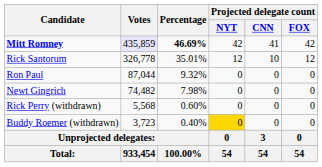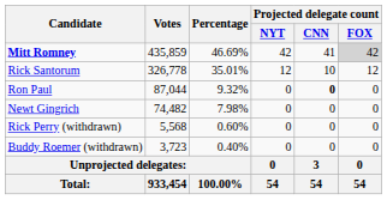 <table class="wikitable" style="text-align:right;">
 <tr>
 <th rowspan="2">Candidate</th>
 <th rowspan="2">Votes</th>
 <th rowspan="2">Percentage</th>
 <th colspan="3">Projected delegate count</th>
 </tr>
 <tr>
 <th><a href='#'>NYT</a><br></th>
 <th><a href='#'>CNN</a><br></th>
 <th><a href='#'>FOX</a></th>
 </tr>
 <tr>
 <td style="text-align:left;"> <strong><a href='#'>Mitt Romney</a></strong></td>
-<td style="background: lavender;">435,859</td>
-<td><strong>46.69%</strong></td>
+<td>435,859</td>
+<td>46.69%</td>
 <td>42</td>
 <td>41</td>
-<td>42</td>
+<td style="background: lightgrey;">42</td>
 </tr>
 <tr>
 <td style="text-align:left;"><a href='#'>Rick Santorum</a></td>
 <td>326,778</td>
 <td>35.01%</td>
 <td>12</td>
 <td>10</td>
 <td>12</td>
 </tr>
 <tr>
 <td style="text-align:left;"><a href='#'>Ron Paul</a></td>
 <td>87,044</td>
 <td>9.32%</td>
 <td>0</td>
-<td>0</td>
+<td><strong>0</strong></td>
 <td>0</td>
 </tr>
 <tr>
 <td style="text-align:left;"><a href='#'>Newt Gingrich</a></td>
 <td>74,482</td>
 <td>7.98%</td>
 <td>0</td>
 <td>0</td>
 <td>0</td>
 </tr>
 <tr>
 <td style="text-align:left;"><a href='#'>Rick Perry</a> (withdrawn)</td>
 <td>5,568</td>
 <td>0.60%</td>
 <td>0</td>
 <td>0</td>
 <td>0</td>
 </tr>
 <tr>
 <td style="text-align:left;"><a href='#'>Buddy Roemer</a> (withdrawn)</td>
 <td>3,723</td>
 <td>0.40%</td>
-<td style="background: gold;">0</td>
+<td>0</td>
 <td>0</td>
 <td>0</td>
 </tr>
 <tr style="background:#eee;">
 <th colspan="3">Unprojected delegates:</th>
 <th>0</th>
 <th>3</th>
 <th>0</th>
 </tr>
 <tr style="background:#eee;">
 <th>Total:</th>
 <th>933,454</th>
 <th>100.00%</th>
 <th>54</th>
 <th>54</th>
 <th>54</th>
 </tr>
 </table>
